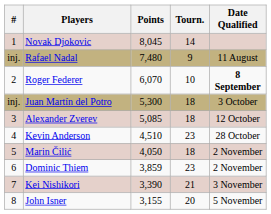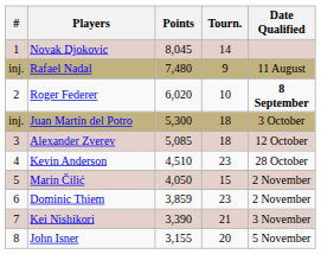 <table class="sortable wikitable" align=right style=text-align:center;font-size:90%;text:justify>
 <tr>
 <th width=20>#</th>
 <th width=150>Players</th>
 <th width=50>Points</th>
 <th width=50>Tourn.</th>
 <th width=75>Date Qualified</th>
 </tr>
 <tr align=center bgcolor=#e5d1cb>
 <td>1</td>
 <td align=left> <a href='#'>Novak Djokovic</a></td>
 <td>8,045</td>
 <td>14</td>
 <td></td>
 </tr>
 <tr align=center bgcolor=#C2B280>
 <td>inj.</td>
 <td align=left> <a href='#'>Rafael Nadal</a></td>
 <td>7,480</td>
 <td>9</td>
 <td>11 August</td>
 </tr>
 <tr>
 <td>2</td>
 <td align=left> <a href='#'>Roger Federer</a></td>
-<td>6,070</td>
+<td>6,020</td>
 <td>10</td>
 <td><strong>8 September</strong></td>
 </tr>
 <tr align=center bgcolor=#C2B280>
 <td>inj.</td>
 <td align=left> <a href='#'>Juan Martín del Potro</a></td>
 <td>5,300</td>
 <td>18</td>
 <td>3 October</td>
 </tr>
 <tr align=center bgcolor=#e5d1cb>
 <td>3</td>
 <td align=left> <a href='#'>Alexander Zverev</a></td>
 <td>5,085</td>
 <td>18</td>
 <td>12 October</td>
 </tr>
 <tr>
 <td>4</td>
 <td align=left> <a href='#'>Kevin Anderson</a></td>
 <td>4,510</td>
 <td>23</td>
 <td>28 October</td>
 </tr>
 <tr align=center bgcolor=#e5d1cb>
 <td>5</td>
 <td align=left> <a href='#'>Marin Čilić</a></td>
 <td>4,050</td>
-<td>18</td>
+<td>15</td>
 <td>2 November</td>
 </tr>
 <tr>
 <td>6</td>
 <td align=left> <a href='#'>Dominic Thiem</a></td>
 <td>3,859</td>
 <td>23</td>
 <td>2 November</td>
 </tr>
 <tr align=center bgcolor=#e5d1cb>
 <td>7</td>
 <td align=left> <a href='#'>Kei Nishikori</a></td>
 <td>3,390</td>
 <td>21</td>
 <td>3 November</td>
 </tr>
 <tr align=center>
 <td>8</td>
 <td align=left> <a href='#'>John Isner</a></td>
 <td>3,155</td>
 <td>20</td>
 <td>5 November</td>
 </tr>
 </table>
